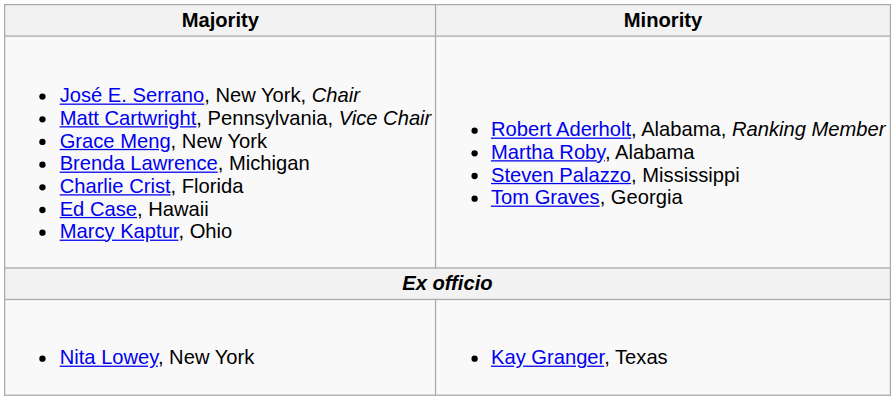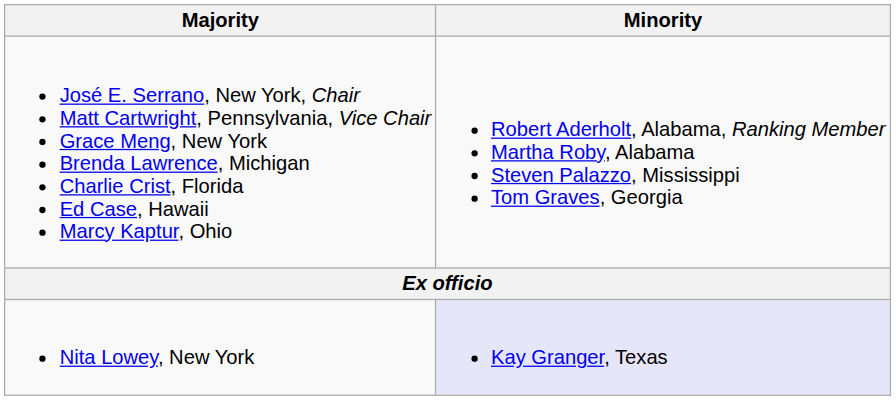 <table class=wikitable>
 <tr>
 <th>Majority</th>
 <th>Minority</th>
 </tr>
 <tr>
 <td><br><ul><li><a href='#'>José E. Serrano</a>, New York, <em>Chair</em></li><li><a href='#'>Matt Cartwright</a>, Pennsylvania, <em>Vice Chair</em></li><li><a href='#'>Grace Meng</a>, New York</li><li><a href='#'>Brenda Lawrence</a>, Michigan</li><li><a href='#'>Charlie Crist</a>, Florida</li><li><a href='#'>Ed Case</a>, Hawaii</li><li><a href='#'>Marcy Kaptur</a>, Ohio</li></ul></td>
 <td><br><ul><li><a href='#'>Robert Aderholt</a>, Alabama, <em>Ranking Member</em></li><li><a href='#'>Martha Roby</a>, Alabama</li><li><a href='#'>Steven Palazzo</a>, Mississippi</li><li><a href='#'>Tom Graves</a>, Georgia</li></ul></td>
 </tr>
 <tr>
 <th colspan=2><em>Ex officio</em></th>
 </tr>
 <tr>
 <td><br><ul><li><a href='#'>Nita Lowey</a>, New York</li></ul></td>
-<td><br><ul><li><a href='#'>Kay Granger</a>, Texas</li></ul></td>
+<td style="background: lavender;"><br><ul><li><a href='#'>Kay Granger</a>, Texas</li></ul></td>
 </tr>
 </table>
